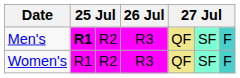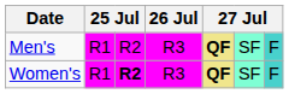 <table class="wikitable olympic-schedule Surfing">
 <tr>
 <th>Date</th>
 <th colspan="2">25 Jul</th>
 <th>26 Jul</th>
 <th colspan="3">27 Jul</th>
 </tr>
 <tr>
 <td class="event"><a href='#'>Men's</a></td>
-<td bgcolor="#FF00FF" class="heats"><strong>R1</strong></td>
+<td bgcolor="#FF00FF" class="heats">R1</td>
 <td bgcolor="#FF00FF" class="heats">R2</td>
 <td bgcolor="#FF00FF" align="center" class="heats">R3</td>
-<td bgcolor="#F0E68C" class="quarterfinals">QF</td>
+<td bgcolor="#F0E68C" class="quarterfinals"><strong>QF</strong></td>
 <td bgcolor="#7FFFD4" class="semifinals">SF</td>
 <td bgcolor="#48D1CC" align="center" class="finals">F</td>
 </tr>
 <tr>
 <td class="event"><a href='#'>Women's</a></td>
 <td bgcolor="#FF00FF" class="heats">R1</td>
-<td bgcolor="#FF00FF" class="heats">R2</td>
+<td bgcolor="#FF00FF" class="heats"><strong>R2</strong></td>
 <td bgcolor="#FF00FF" align="center" class="heats">R3</td>
-<td bgcolor="#F0E68C" class="quarterfinals">QF</td>
+<td bgcolor="#F0E68C" class="quarterfinals"><strong>QF</strong></td>
 <td bgcolor="#7FFFD4" class="semifinals">SF</td>
 <td bgcolor="#48D1CC" align="center" class="finals">F</td>
 </tr>
 </table>
